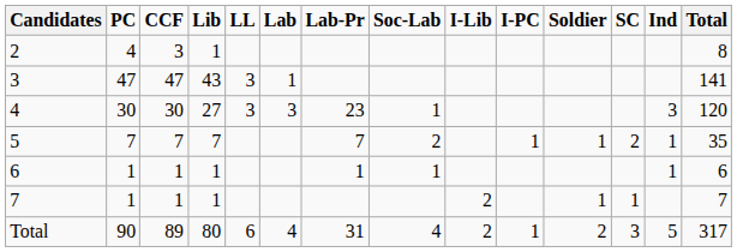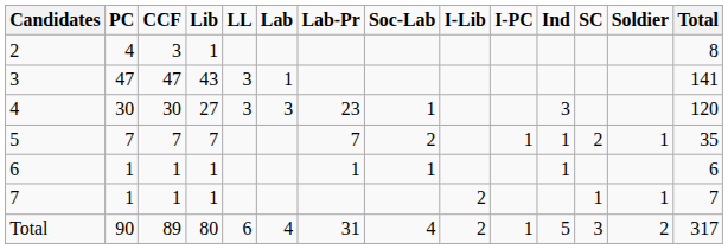 <table class="wikitable" style="text-align:right;">
 <tr>
 <th>Candidates</th>
 <td><strong>PC</strong></td>
 <td><strong>CCF</strong></td>
 <td><strong>Lib</strong></td>
 <td><strong>LL</strong></td>
 <td><strong>Lab</strong></td>
 <td><strong>Lab-Pr</strong></td>
 <td><strong>Soc-Lab</strong></td>
 <td><strong>I-Lib</strong></td>
 <td><strong>I-PC</strong></td>
+<td><strong>Ind</strong></td>
+<td><strong>SC</strong></td>
 <td><strong>Soldier</strong></td>
-<td><strong>SC</strong></td>
-<td><strong>Ind</strong></td>
 <th>Total</th>
 </tr>
 <tr>
 <td style="text-align:left;">2</td>
 <td>4</td>
 <td>3</td>
 <td>1</td>
 <td></td>
 <td></td>
 <td></td>
 <td></td>
 <td></td>
 <td></td>
 <td></td>
 <td></td>
 <td></td>
 <td>8</td>
 </tr>
 <tr>
 <td style="text-align:left;">3</td>
 <td>47</td>
 <td>47</td>
 <td>43</td>
 <td>3</td>
 <td>1</td>
 <td></td>
 <td></td>
 <td></td>
 <td></td>
 <td></td>
 <td></td>
 <td></td>
 <td>141</td>
 </tr>
 <tr>
 <td style="text-align:left;">4</td>
 <td>30</td>
 <td>30</td>
 <td>27</td>
 <td>3</td>
 <td>3</td>
 <td>23</td>
 <td>1</td>
 <td></td>
 <td></td>
+<td>3</td>
 <td></td>
 <td></td>
-<td>3</td>
 <td>120</td>
 </tr>
 <tr>
 <td style="text-align:left;">5</td>
 <td>7</td>
 <td>7</td>
 <td>7</td>
 <td></td>
 <td></td>
 <td>7</td>
 <td>2</td>
 <td></td>
 <td>1</td>
 <td>1</td>
 <td>2</td>
 <td>1</td>
 <td>35</td>
 </tr>
 <tr>
 <td style="text-align:left;">6</td>
 <td>1</td>
 <td>1</td>
 <td>1</td>
 <td></td>
 <td></td>
 <td>1</td>
 <td>1</td>
 <td></td>
 <td></td>
+<td>1</td>
 <td></td>
 <td></td>
-<td>1</td>
 <td>6</td>
 </tr>
 <tr>
 <td style="text-align:left;">7</td>
 <td>1</td>
 <td>1</td>
 <td>1</td>
 <td></td>
 <td></td>
 <td></td>
 <td></td>
 <td>2</td>
 <td></td>
+<td></td>
 <td>1</td>
 <td>1</td>
-<td></td>
 <td>7</td>
 </tr>
 <tr>
 <td style="text-align:left;">Total</td>
 <td>90</td>
 <td>89</td>
 <td>80</td>
 <td>6</td>
 <td>4</td>
 <td>31</td>
 <td>4</td>
 <td>2</td>
 <td>1</td>
+<td>5</td>
+<td>3</td>
 <td>2</td>
-<td>3</td>
-<td>5</td>
 <td>317</td>
 </tr>
 </table>
